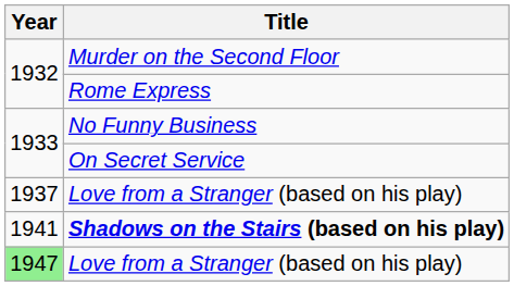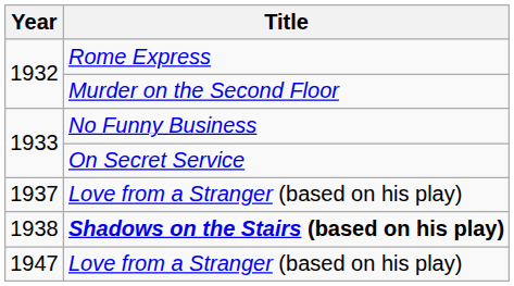 <table class="wikitable">
 <tr>
 <th>Year</th>
 <th>Title</th>
 </tr>
 <tr>
 <td rowspan=2>1932</td>
-<td><em><a href='#'>Murder on the Second Floor</a></em></td>
+<td><em><a href='#'>Rome Express</a></em></td>
 </tr>
 <tr>
-<td><em><a href='#'>Rome Express</a></em></td>
+<td><em><a href='#'>Murder on the Second Floor</a></em></td>
 </tr>
 <tr>
 <td rowspan=2>1933</td>
 <td><em><a href='#'>No Funny Business</a></em></td>
 </tr>
 <tr>
 <td><em><a href='#'>On Secret Service</a></em></td>
 </tr>
 <tr>
 <td>1937</td>
 <td><em><a href='#'>Love from a Stranger</a></em> (based on his play)</td>
 </tr>
 <tr>
-<td rowspan=1>1941</td>
+<td rowspan=1>1938</td>
 <td><strong><em><a href='#'>Shadows on the Stairs</a></em> (based on his play)</strong></td>
 </tr>
 <tr>
-<td style="background: lightgreen;">1947</td>
+<td>1947</td>
 <td><em><a href='#'>Love from a Stranger</a></em> (based on his play)</td>
 </tr>
 </table>
